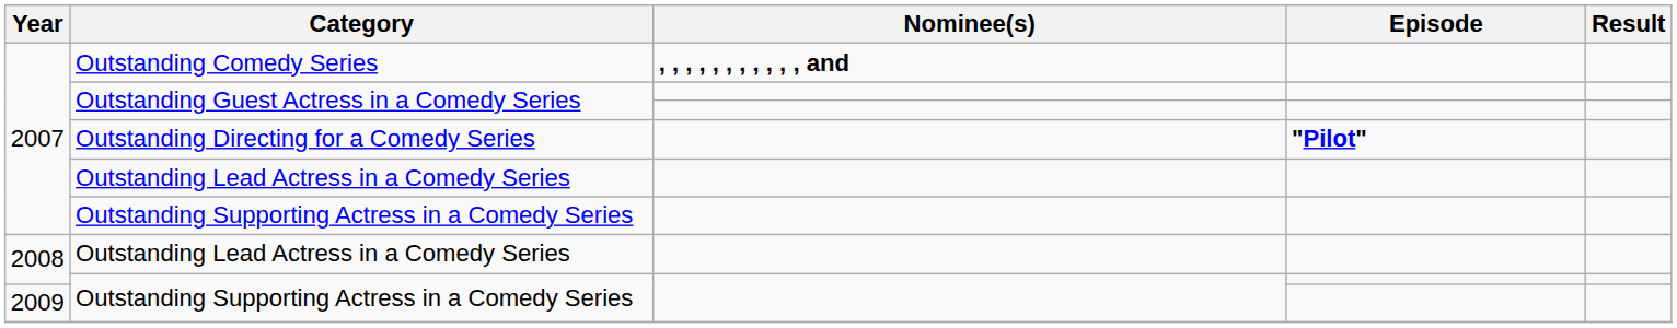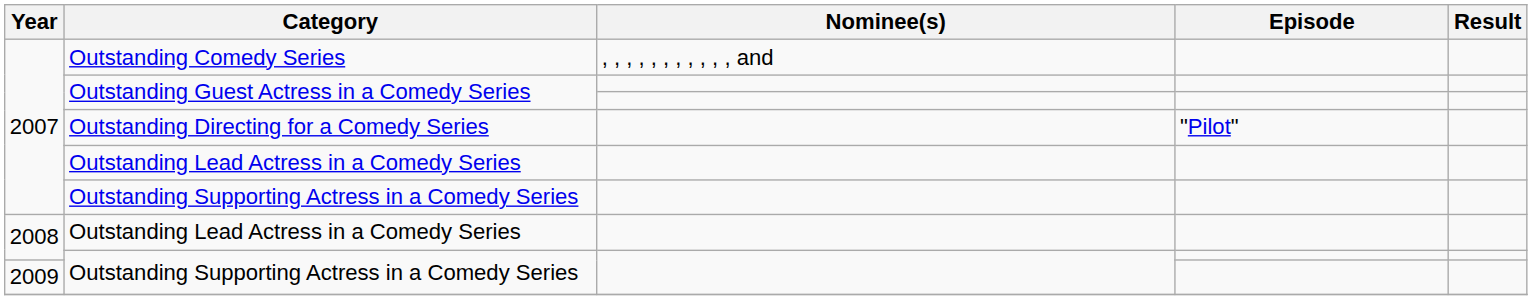 <table class="wikitable">
 <tr>
 <th>Year</th>
 <th width="35%">Category</th>
 <th width="38%">Nominee(s)</th>
 <th width="18%">Episode</th>
 <th>Result</th>
 </tr>
 <tr>
 <td rowspan="6">2007</td>
 <td><a href='#'>Outstanding Comedy Series</a></td>
-<td><strong>, ,  , , , , , , , , ,  and </strong></td>
+<td>, ,  , , , , , , , , ,  and </td>
 <td></td>
 <td></td>
 </tr>
 <tr>
 <td rowspan="2"><a href='#'>Outstanding Guest Actress in a Comedy Series</a></td>
 <td></td>
 <td></td>
 <td></td>
 </tr>
 <tr>
 <td></td>
 <td></td>
 <td></td>
 </tr>
 <tr>
 <td><a href='#'>Outstanding Directing for a Comedy Series</a></td>
 <td></td>
-<td><strong>"<a href='#'>Pilot</a>"</strong></td>
+<td>"<a href='#'>Pilot</a>"</td>
 <td></td>
 </tr>
 <tr>
 <td><a href='#'>Outstanding Lead Actress in a Comedy Series</a></td>
 <td></td>
 <td></td>
 <td></td>
 </tr>
 <tr>
 <td><a href='#'>Outstanding Supporting Actress in a Comedy Series</a></td>
 <td></td>
 <td></td>
 <td></td>
 </tr>
 <tr>
 <td rowspan="2">2008</td>
 <td>Outstanding Lead Actress in a Comedy Series</td>
 <td></td>
 <td></td>
 <td></td>
 </tr>
 <tr>
 <td rowspan="2">Outstanding Supporting Actress in a Comedy Series</td>
 <td rowspan="2"></td>
 <td></td>
 <td></td>
 </tr>
 <tr>
 <td>2009</td>
 <td></td>
 <td></td>
 </tr>
 <tr>
 </tr>
 </table>
